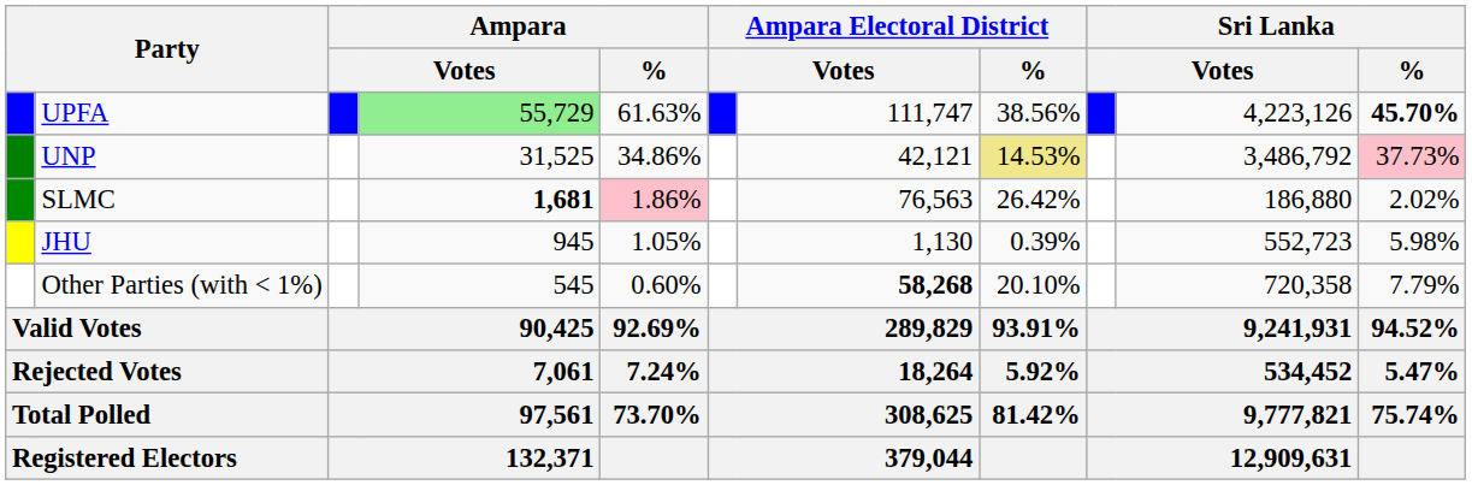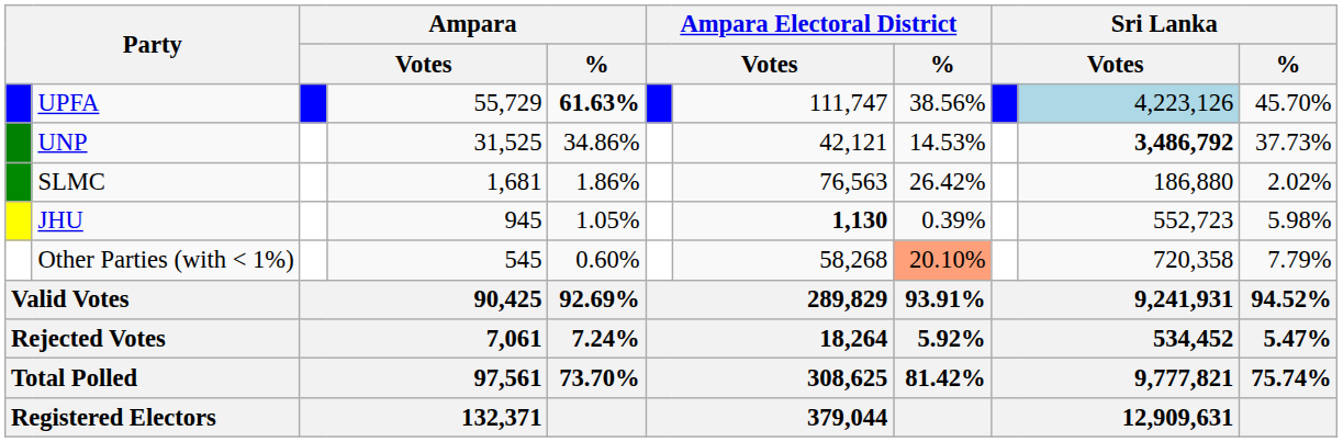 <table class="wikitable">
 <tr>
 <th colspan="2" width="144px"rowspan="2">Party</th>
 <th colspan="3" width="216px">Ampara</th>
 <th colspan="3" width="216px"><a href='#'>Ampara Electoral District</a></th>
 <th colspan="3" width="216px">Sri Lanka</th>
 </tr>
 <tr>
 <th colspan="2" width="144px">Votes</th>
 <th>%</th>
 <th colspan="2" width="144px">Votes</th>
 <th>%</th>
 <th colspan="2" width="144px">Votes</th>
 <th>%</th>
 </tr>
 <tr>
 <td style="background-color:blue;" width="10px"></td>
 <td style="text-align:left;"><a href='#'>UPFA</a></td>
 <td style="background-color:blue;" width="10px"></td>
-<td style="background: lightgreen; text-align:right;">55,729</td>
-<td style="text-align:right;">61.63%</td>
+<td style="text-align:right;">55,729</td>
+<td style="text-align:right;"><strong>61.63%</strong></td>
 <td style="background-color:blue;" width="10px"></td>
 <td style="text-align:right;">111,747</td>
 <td style="text-align:right;">38.56%</td>
 <td style="background-color:blue;" width="10px"></td>
-<td style="text-align:right;">4,223,126</td>
-<td style="text-align:right;"><strong>45.70%</strong></td>
+<td style="background: lightblue; text-align:right;">4,223,126</td>
+<td style="text-align:right;">45.70%</td>
 </tr>
 <tr>
 <td style="background-color:green;" width="10px"></td>
 <td style="text-align:left;"><a href='#'>UNP</a></td>
 <td style="background-color:white;" width="10px"></td>
 <td style="text-align:right;">31,525</td>
 <td style="text-align:right;">34.86%</td>
 <td style="background-color:white;" width="10px"></td>
 <td style="text-align:right;">42,121</td>
-<td style="background: khaki; text-align:right;">14.53%</td>
+<td style="text-align:right;">14.53%</td>
 <td style="background-color:white;" width="10px"></td>
-<td style="text-align:right;">3,486,792</td>
-<td style="background: pink; text-align:right;">37.73%</td>
+<td style="text-align:right;"><strong>3,486,792</strong></td>
+<td style="text-align:right;">37.73%</td>
 </tr>
 <tr>
 <td style="background-color:#008800;" width="10px"></td>
 <td style="text-align:left;">SLMC</td>
 <td style="background-color:white;" width="10px"></td>
-<td style="text-align:right;"><strong>1,681</strong></td>
-<td style="background: pink; text-align:right;">1.86%</td>
+<td style="text-align:right;">1,681</td>
+<td style="text-align:right;">1.86%</td>
 <td style="background-color:white;" width="10px"></td>
 <td style="text-align:right;">76,563</td>
 <td style="text-align:right;">26.42%</td>
 <td style="background-color:white;" width="10px"></td>
 <td style="text-align:right;">186,880</td>
 <td style="text-align:right;">2.02%</td>
 </tr>
 <tr>
 <td style="background-color:yellow;" width="10px"></td>
 <td style="text-align:left;"><a href='#'>JHU</a></td>
 <td style="background-color:white;" width="10px"></td>
 <td style="text-align:right;">945</td>
 <td style="text-align:right;">1.05%</td>
 <td style="background-color:white;" width="10px"></td>
-<td style="text-align:right;">1,130</td>
+<td style="text-align:right;"><strong>1,130</strong></td>
 <td style="text-align:right;">0.39%</td>
 <td style="background-color:white;" width="10px"></td>
 <td style="text-align:right;">552,723</td>
 <td style="text-align:right;">5.98%</td>
 </tr>
 <tr>
 <td style="background-color:white;" width="10px"></td>
 <td style="text-align:left;">Other Parties (with < 1%)</td>
 <td style="background-color:white;" width="10px"></td>
 <td style="text-align:right;">545</td>
 <td style="text-align:right;">0.60%</td>
 <td style="background-color:white;" width="10px"></td>
-<td style="text-align:right;"><strong>58,268</strong></td>
-<td style="text-align:right;">20.10%</td>
+<td style="text-align:right;">58,268</td>
+<td style="background: lightsalmon; text-align:right;">20.10%</td>
 <td style="background-color:white;" width="10px"></td>
 <td style="text-align:right;">720,358</td>
 <td style="text-align:right;">7.79%</td>
 </tr>
 <tr>
 <th colspan="2" width="144px"style="text-align:left;">Valid Votes</th>
 <th style="text-align:right;"colspan="2" width="144px">90,425</th>
 <th style="text-align:right;">92.69%</th>
 <th style="text-align:right;"colspan="2" width="144px">289,829</th>
 <th style="text-align:right;">93.91%</th>
 <th style="text-align:right;"colspan="2" width="144px">9,241,931</th>
 <th style="text-align:right;">94.52%</th>
 </tr>
 <tr>
 <th colspan="2" width="144px"style="text-align:left;">Rejected Votes</th>
 <th style="text-align:right;"colspan="2" width="144px">7,061</th>
 <th style="text-align:right;">7.24%</th>
 <th style="text-align:right;"colspan="2" width="144px">18,264</th>
 <th style="text-align:right;">5.92%</th>
 <th style="text-align:right;"colspan="2" width="144px">534,452</th>
 <th style="text-align:right;">5.47%</th>
 </tr>
 <tr>
 <th colspan="2" width="144px"style="text-align:left;">Total Polled</th>
 <th style="text-align:right;"colspan="2" width="144px">97,561</th>
 <th style="text-align:right;">73.70%</th>
 <th style="text-align:right;"colspan="2" width="144px">308,625</th>
 <th style="text-align:right;">81.42%</th>
 <th style="text-align:right;"colspan="2" width="144px">9,777,821</th>
 <th style="text-align:right;">75.74%</th>
 </tr>
 <tr>
 <th colspan="2" width="144px"style="text-align:left;">Registered Electors</th>
 <th style="text-align:right;"colspan="2" width="144px">132,371</th>
 <th></th>
 <th style="text-align:right;"colspan="2" width="144px">379,044</th>
 <th></th>
 <th style="text-align:right;"colspan="2" width="144px">12,909,631</th>
 <th></th>
 </tr>
 </table>
